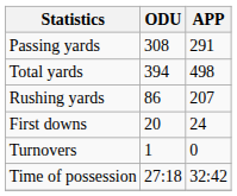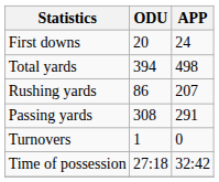 <table class="wikitable" style="float: left;">
 <tr>
 <th>Statistics</th>
 <th>ODU</th>
 <th>APP</th>
 </tr>
 <tr>
-<td>Passing yards</td>
-<td>308</td>
-<td>291</td>
+<td>First downs</td>
+<td>20</td>
+<td>24</td>
 </tr>
 <tr>
 <td>Total yards</td>
 <td>394</td>
 <td>498</td>
 </tr>
 <tr>
 <td>Rushing yards</td>
 <td>86</td>
 <td>207</td>
 </tr>
 <tr>
-<td>First downs</td>
-<td>20</td>
-<td>24</td>
+<td>Passing yards</td>
+<td>308</td>
+<td>291</td>
 </tr>
 <tr>
 <td>Turnovers</td>
 <td>1</td>
 <td>0</td>
 </tr>
 <tr>
 <td>Time of possession</td>
 <td>27:18</td>
 <td>32:42</td>
 </tr>
 <tr>
 </tr>
 </table>
